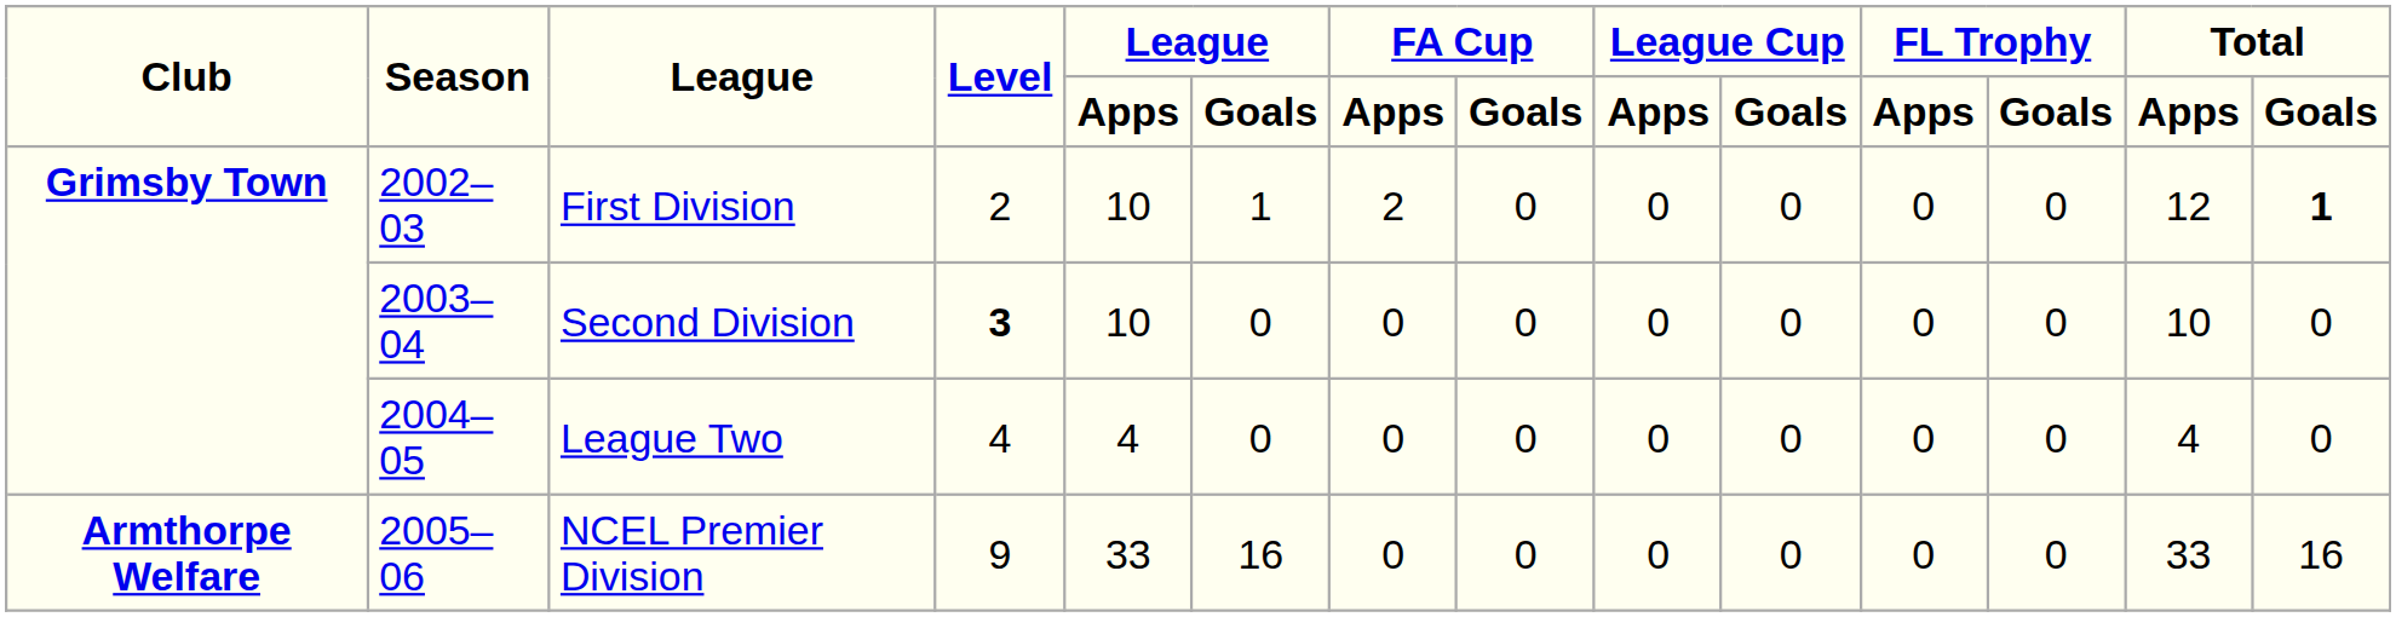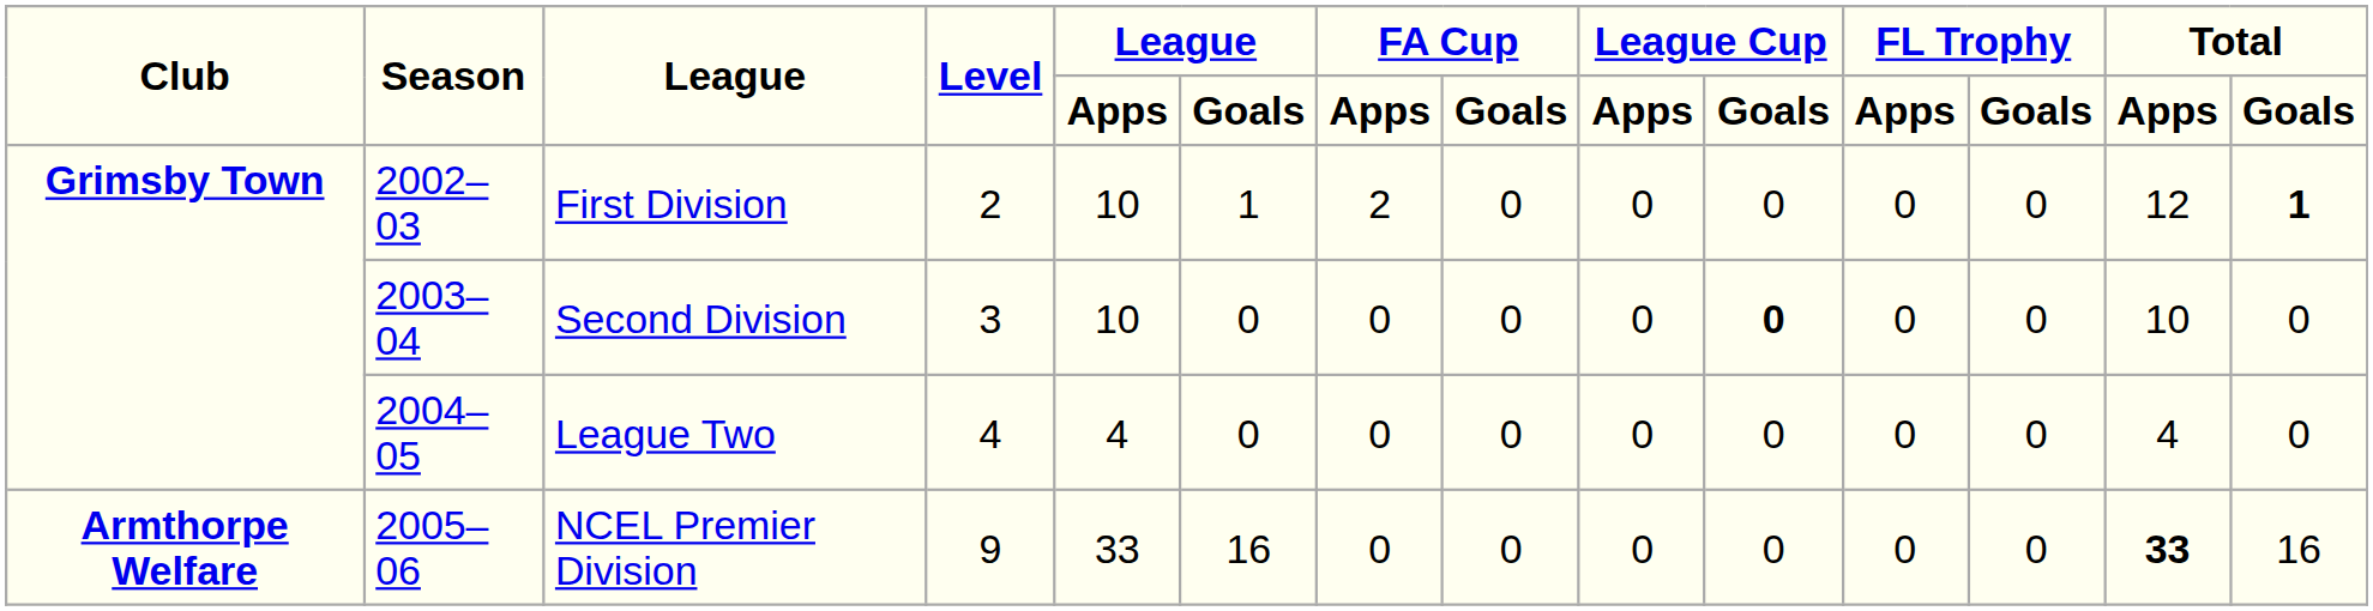 <table border="1" cellpadding="4" cellspacing="2" style="background:ivory; font-size:95%; border:1px #aaa solid; border-collapse:collapse; clear:center;">
 <tr>
 <th rowspan="2">Club</th>
 <th rowspan="2">Season</th>
 <th rowspan="2">League</th>
 <th rowspan="2"><a href='#'>Level</a></th>
 <th colspan="2"><a href='#'>League</a></th>
 <th colspan="2"><a href='#'>FA Cup</a></th>
 <th colspan="2"><a href='#'>League Cup</a></th>
 <th colspan="2"><a href='#'>FL Trophy</a></th>
 <th colspan="2">Total</th>
 </tr>
 <tr>
 <th>Apps</th>
 <th>Goals</th>
 <th>Apps</th>
 <th>Goals</th>
 <th>Apps</th>
 <th>Goals</th>
 <th>Apps</th>
 <th>Goals</th>
 <th>Apps</th>
 <th>Goals</th>
 </tr>
 <tr>
 <td rowspan="3"  style="text-align:center; vertical-align:top;"><strong><a href='#'>Grimsby Town</a></strong></td>
 <td><a href='#'>2002–03</a></td>
 <td><a href='#'>First Division</a></td>
 <td style="text-align:center;">2</td>
 <td style="text-align:center;">10</td>
 <td style="text-align:center;">1</td>
 <td style="text-align:center;">2</td>
 <td style="text-align:center;">0</td>
 <td style="text-align:center;">0</td>
 <td style="text-align:center;">0</td>
 <td style="text-align:center;">0</td>
 <td style="text-align:center;">0</td>
 <td style="text-align:center;">12</td>
 <td style="text-align:center;"><strong>1</strong></td>
 </tr>
 <tr>
 <td><a href='#'>2003–04</a></td>
 <td><a href='#'>Second Division</a></td>
-<td style="text-align:center;"><strong>3</strong></td>
+<td style="text-align:center;">3</td>
 <td style="text-align:center;">10</td>
 <td style="text-align:center;">0</td>
 <td style="text-align:center;">0</td>
 <td style="text-align:center;">0</td>
 <td style="text-align:center;">0</td>
-<td style="text-align:center;">0</td>
+<td style="text-align:center;"><strong>0</strong></td>
 <td style="text-align:center;">0</td>
 <td style="text-align:center;">0</td>
 <td style="text-align:center;">10</td>
 <td style="text-align:center;">0</td>
 </tr>
 <tr>
 <td><a href='#'>2004–05</a></td>
 <td><a href='#'>League Two</a></td>
 <td style="text-align:center;">4</td>
 <td style="text-align:center;">4</td>
 <td style="text-align:center;">0</td>
 <td style="text-align:center;">0</td>
 <td style="text-align:center;">0</td>
 <td style="text-align:center;">0</td>
 <td style="text-align:center;">0</td>
 <td style="text-align:center;">0</td>
 <td style="text-align:center;">0</td>
 <td style="text-align:center;">4</td>
 <td style="text-align:center;">0</td>
 </tr>
 <tr>
 <td style="text-align:center; vertical-align:top;"><strong><a href='#'>Armthorpe Welfare</a></strong></td>
 <td><a href='#'>2005–06</a></td>
 <td><a href='#'>NCEL Premier Division</a></td>
 <td style="text-align:center;">9</td>
 <td style="text-align:center;">33</td>
 <td style="text-align:center;">16</td>
 <td style="text-align:center;">0</td>
 <td style="text-align:center;">0</td>
 <td style="text-align:center;">0</td>
 <td style="text-align:center;">0</td>
 <td style="text-align:center;">0</td>
 <td style="text-align:center;">0</td>
-<td style="text-align:center;">33</td>
+<td style="text-align:center;"><strong>33</strong></td>
 <td style="text-align:center;">16</td>
 </tr>
 </table>
